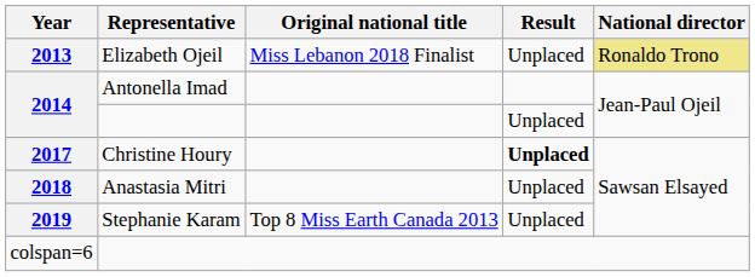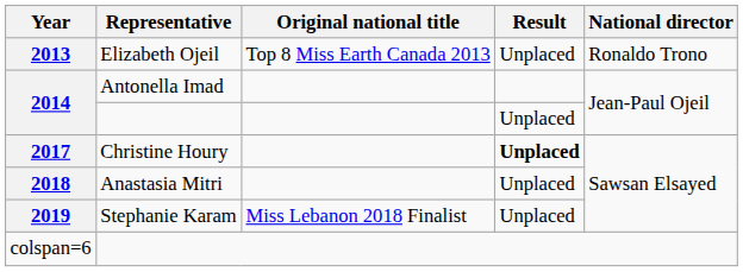 <table class="wikitable defaultcenter col2left col5left" style="font-size:95%;">
 <tr>
 <th>Year</th>
 <th>Representative</th>
 <th>Original national title</th>
 <th>Result</th>
 <th>National director</th>
 </tr>
 <tr>
 <th><a href='#'>2013</a></th>
 <td>Elizabeth Ojeil</td>
-<td><a href='#'>Miss Lebanon 2018</a> Finalist</td>
+<td>Top 8 <a href='#'>Miss Earth Canada 2013</a></td>
 <td>Unplaced</td>
-<td style="background: khaki;">Ronaldo Trono</td>
+<td>Ronaldo Trono</td>
 </tr>
 <tr>
 <th rowspan=2><a href='#'>2014</a></th>
 <td>Antonella Imad</td>
 <td></td>
 <td></td>
 <td rowspan=2>Jean-Paul Ojeil</td>
 </tr>
 <tr>
 <td></td>
 <td></td>
 <td>Unplaced</td>
 </tr>
 <tr>
 <th><a href='#'>2017</a></th>
 <td>Christine Houry</td>
 <td></td>
 <td><strong>Unplaced</strong></td>
 <td rowspan=3>Sawsan Elsayed</td>
 </tr>
 <tr>
 <th><a href='#'>2018</a></th>
 <td>Anastasia Mitri</td>
 <td></td>
 <td>Unplaced</td>
 </tr>
 <tr>
 <th><a href='#'>2019</a></th>
 <td>Stephanie Karam</td>
-<td>Top 8 <a href='#'>Miss Earth Canada 2013</a></td>
+<td><a href='#'>Miss Lebanon 2018</a> Finalist</td>
 <td>Unplaced</td>
 </tr>
 <tr>
 <td>colspan=6 </td>
 </tr>
 </table>
